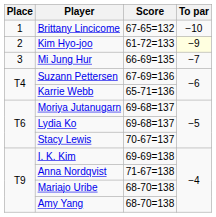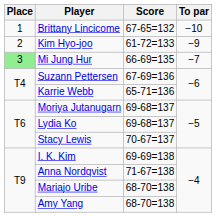 <table class="wikitable">
 <tr>
 <th>Place</th>
 <th>Player</th>
 <th>Score</th>
 <th>To par</th>
 </tr>
 <tr>
 <td align=center>1</td>
 <td> <a href='#'>Brittany Lincicome</a></td>
 <td>67-65=132</td>
 <td align=center>−10</td>
 </tr>
 <tr>
 <td align=center>2</td>
 <td> <a href='#'>Kim Hyo-joo</a></td>
 <td>61-72=133</td>
-<td align=center style="background: lightyellow;">−9</td>
+<td align=center>−9</td>
 </tr>
 <tr>
-<td align=center>3</td>
+<td align=center style="background: lightgreen;">3</td>
 <td> <a href='#'>Mi Jung Hur</a></td>
 <td>66-69=135</td>
 <td align=center>−7</td>
 </tr>
 <tr>
 <td rowspan=2 align=center>T4</td>
 <td> <a href='#'>Suzann Pettersen</a></td>
 <td>67-69=136</td>
 <td rowspan=2 align=center>−6</td>
 </tr>
 <tr>
 <td> <a href='#'>Karrie Webb</a></td>
 <td>65-71=136</td>
 </tr>
 <tr>
 <td rowspan=3 align=center>T6</td>
 <td> <a href='#'>Moriya Jutanugarn</a></td>
 <td>69-68=137</td>
 <td rowspan=3 align=center>−5</td>
 </tr>
 <tr>
 <td> <a href='#'>Lydia Ko</a></td>
 <td>69-68=137</td>
 </tr>
 <tr>
 <td> <a href='#'>Stacy Lewis</a></td>
 <td>70-67=137</td>
 </tr>
 <tr>
 <td rowspan=4 align=center>T9</td>
 <td> <a href='#'>I. K. Kim</a></td>
 <td>69-69=138</td>
 <td rowspan=4 align=center>−4</td>
 </tr>
 <tr>
 <td> <a href='#'>Anna Nordqvist</a></td>
 <td>71-67=138</td>
 </tr>
 <tr>
 <td> <a href='#'>Mariajo Uribe</a></td>
 <td>68-70=138</td>
 </tr>
 <tr>
 <td> <a href='#'>Amy Yang</a></td>
 <td>68-70=138</td>
 </tr>
 </table>
